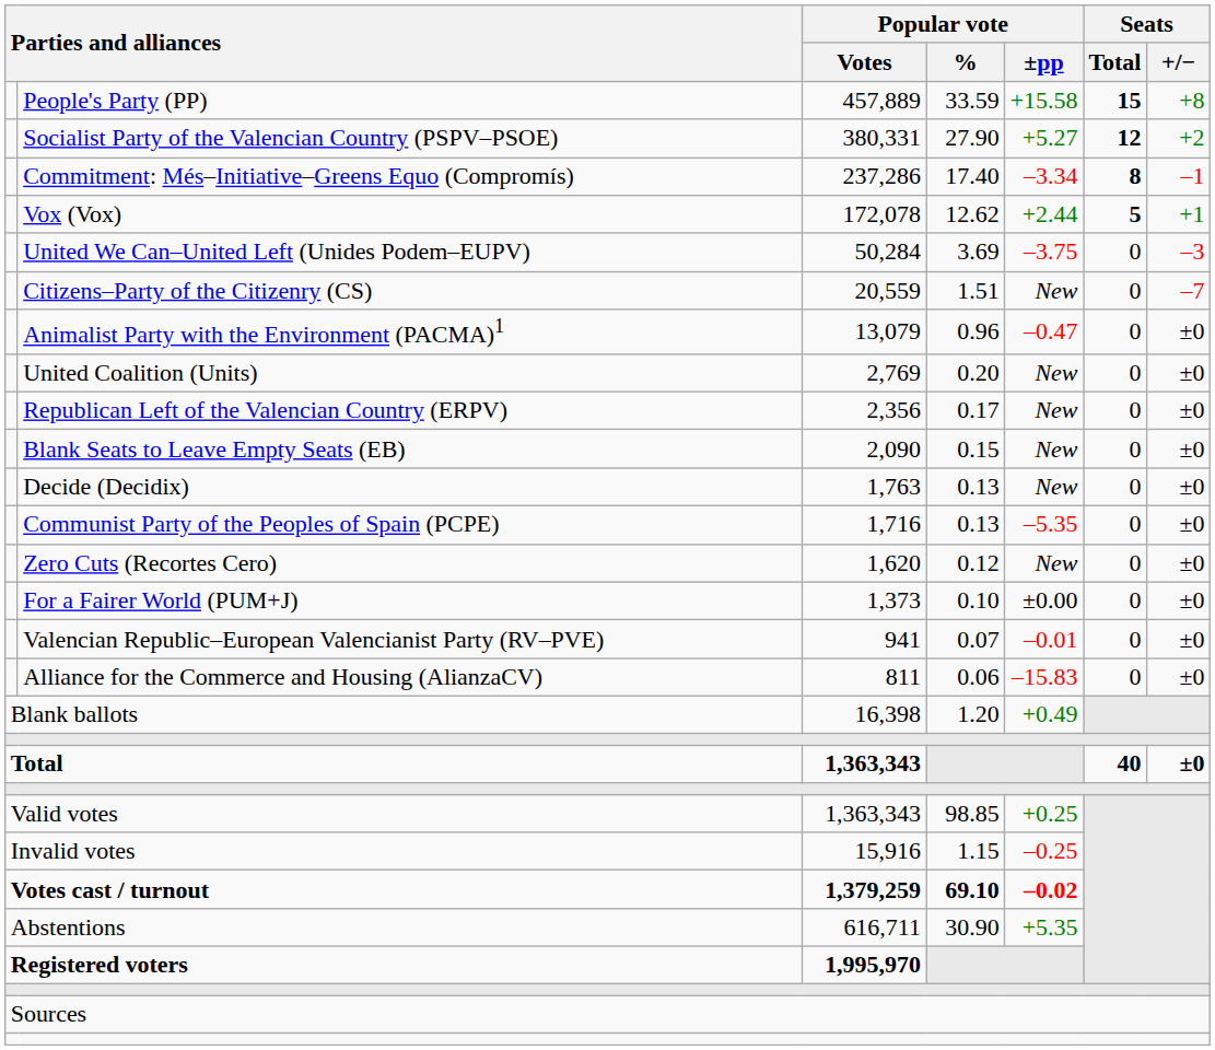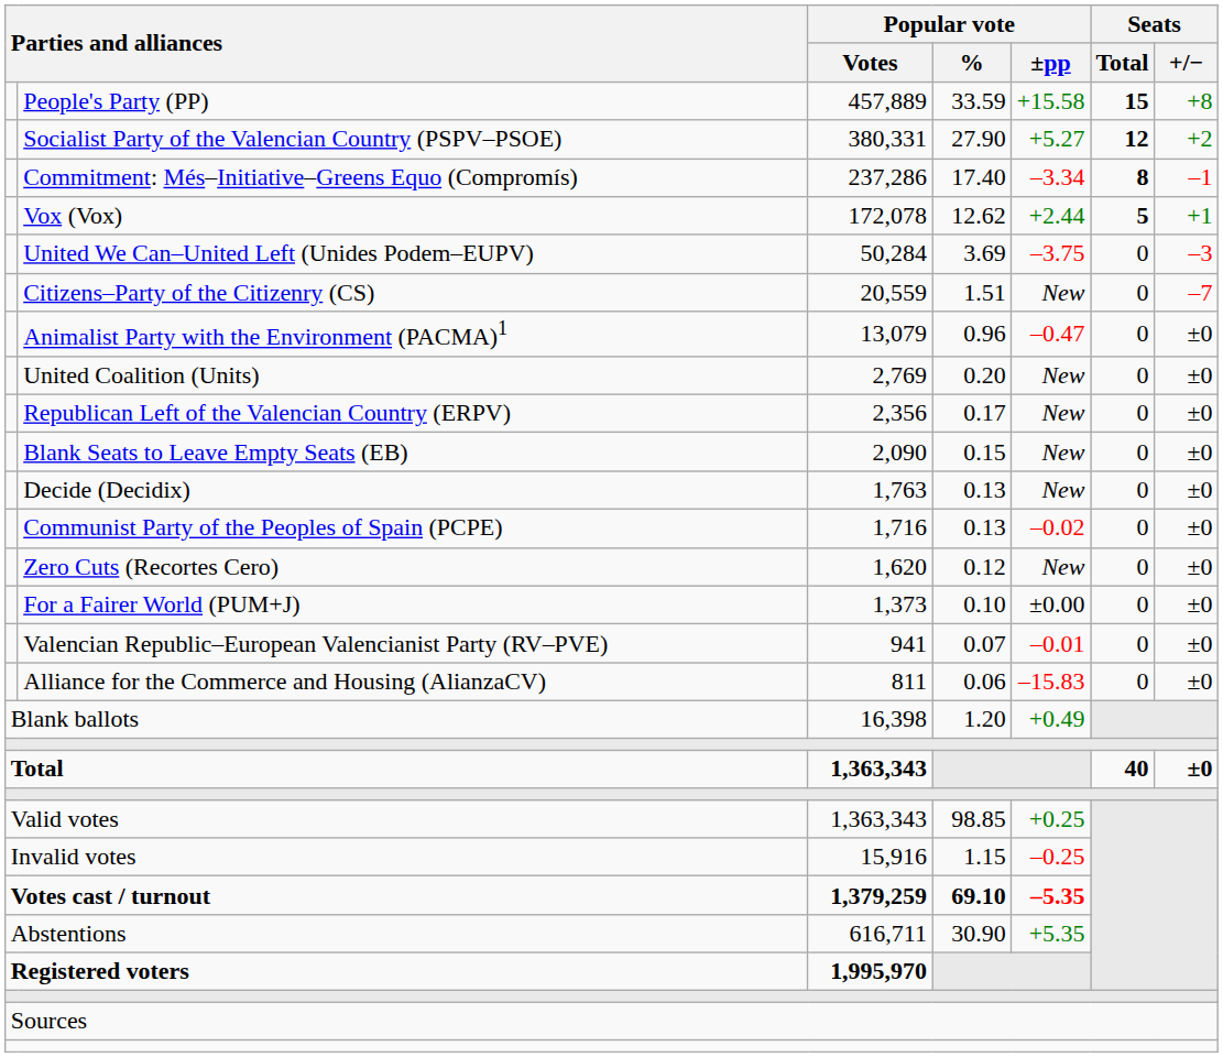 <table class="wikitable" style="text-align:right;">
 <tr>
 <th style="text-align:left;" rowspan="2" colspan="2" width="525">Parties and alliances</th>
 <th colspan="3">Popular vote</th>
 <th colspan="2">Seats</th>
 </tr>
 <tr>
 <th width="75">Votes</th>
 <th width="45">%</th>
 <th width="45">±<a href='#'>pp</a></th>
 <th width="35">Total</th>
 <th width="35">+/−</th>
 </tr>
 <tr>
 <td width="1" style="color:inherit;background:"></td>
 <td align="left"><a href='#'>People's Party</a> (PP)</td>
 <td>457,889</td>
 <td>33.59</td>
 <td style="color:green;">+15.58</td>
 <td><strong>15</strong></td>
 <td style="color:green;">+8</td>
 </tr>
 <tr>
 <td style="color:inherit;background:"></td>
 <td align="left"><a href='#'>Socialist Party of the Valencian Country</a> (PSPV–PSOE)</td>
 <td>380,331</td>
 <td>27.90</td>
 <td style="color:green;">+5.27</td>
 <td><strong>12</strong></td>
 <td style="color:green;">+2</td>
 </tr>
 <tr>
 <td style="color:inherit;background:"></td>
 <td align="left"><a href='#'>Commitment</a>: <a href='#'>Més</a>–<a href='#'>Initiative</a>–<a href='#'>Greens Equo</a> (Compromís)</td>
 <td>237,286</td>
 <td>17.40</td>
 <td style="color:red;">–3.34</td>
 <td><strong>8</strong></td>
 <td style="color:red;">–1</td>
 </tr>
 <tr>
 <td style="color:inherit;background:"></td>
 <td align="left"><a href='#'>Vox</a> (Vox)</td>
 <td>172,078</td>
 <td>12.62</td>
 <td style="color:green;">+2.44</td>
 <td><strong>5</strong></td>
 <td style="color:green;">+1</td>
 </tr>
 <tr>
 <td style="color:inherit;background:"></td>
 <td align="left"><a href='#'>United We Can–United Left</a> (Unides Podem–EUPV)</td>
 <td>50,284</td>
 <td>3.69</td>
 <td style="color:red;">–3.75</td>
 <td>0</td>
 <td style="color:red;">–3</td>
 </tr>
 <tr>
 <td style="color:inherit;background:"></td>
 <td align="left"><a href='#'>Citizens–Party of the Citizenry</a> (CS)</td>
 <td>20,559</td>
 <td>1.51</td>
 <td><em>New</em></td>
 <td>0</td>
 <td style="color:red;">–7</td>
 </tr>
 <tr>
 <td style="color:inherit;background:"></td>
 <td align="left"><a href='#'>Animalist Party with the Environment</a> (PACMA)<sup>1</sup></td>
 <td>13,079</td>
 <td>0.96</td>
 <td style="color:red;">–0.47</td>
 <td>0</td>
 <td>±0</td>
 </tr>
 <tr>
 <td style="color:inherit;background:"></td>
 <td align="left">United Coalition (Units)</td>
 <td>2,769</td>
 <td>0.20</td>
 <td><em>New</em></td>
 <td>0</td>
 <td>±0</td>
 </tr>
 <tr>
 <td style="color:inherit;background:"></td>
 <td align="left"><a href='#'>Republican Left of the Valencian Country</a> (ERPV)</td>
 <td>2,356</td>
 <td>0.17</td>
 <td><em>New</em></td>
 <td>0</td>
 <td>±0</td>
 </tr>
 <tr>
 <td style="color:inherit;background:"></td>
 <td align="left"><a href='#'>Blank Seats to Leave Empty Seats</a> (EB)</td>
 <td>2,090</td>
 <td>0.15</td>
 <td><em>New</em></td>
 <td>0</td>
 <td>±0</td>
 </tr>
 <tr>
 <td style="color:inherit;background:"></td>
 <td align="left">Decide (Decidix)</td>
 <td>1,763</td>
 <td>0.13</td>
 <td><em>New</em></td>
 <td>0</td>
 <td>±0</td>
 </tr>
 <tr>
 <td style="color:inherit;background:"></td>
 <td align="left"><a href='#'>Communist Party of the Peoples of Spain</a> (PCPE)</td>
 <td>1,716</td>
 <td>0.13</td>
-<td style="color:red;">–5.35</td>
+<td style="color:red;">–0.02</td>
 <td>0</td>
 <td>±0</td>
 </tr>
 <tr>
 <td style="color:inherit;background:"></td>
 <td align="left"><a href='#'>Zero Cuts</a> (Recortes Cero)</td>
 <td>1,620</td>
 <td>0.12</td>
 <td><em>New</em></td>
 <td>0</td>
 <td>±0</td>
 </tr>
 <tr>
 <td style="color:inherit;background:"></td>
 <td align="left"><a href='#'>For a Fairer World</a> (PUM+J)</td>
 <td>1,373</td>
 <td>0.10</td>
 <td>±0.00</td>
 <td>0</td>
 <td>±0</td>
 </tr>
 <tr>
 <td style="color:inherit;background:"></td>
 <td align="left">Valencian Republic–European Valencianist Party (RV–PVE)</td>
 <td>941</td>
 <td>0.07</td>
 <td style="color:red;">–0.01</td>
 <td>0</td>
 <td>±0</td>
 </tr>
 <tr>
 <td style="color:inherit;background:"></td>
 <td align="left">Alliance for the Commerce and Housing (AlianzaCV)</td>
 <td>811</td>
 <td>0.06</td>
 <td style="color:red;">–15.83</td>
 <td>0</td>
 <td>±0</td>
 </tr>
 <tr>
 <td align="left" colspan="2">Blank ballots</td>
 <td>16,398</td>
 <td>1.20</td>
 <td style="color:green;">+0.49</td>
 <td bgcolor="#E9E9E9" colspan="2"></td>
 </tr>
 <tr>
 <td colspan="7" bgcolor="#E9E9E9"></td>
 </tr>
 <tr style="font-weight:bold;">
 <td align="left" colspan="2">Total</td>
 <td>1,363,343</td>
 <td bgcolor="#E9E9E9" colspan="2"></td>
 <td>40</td>
 <td>±0</td>
 </tr>
 <tr>
 <td colspan="7" bgcolor="#E9E9E9"></td>
 </tr>
 <tr>
 <td align="left" colspan="2">Valid votes</td>
 <td>1,363,343</td>
 <td>98.85</td>
 <td style="color:green;">+0.25</td>
 <td bgcolor="#E9E9E9" colspan="2" rowspan="5"></td>
 </tr>
 <tr>
 <td align="left" colspan="2">Invalid votes</td>
 <td>15,916</td>
 <td>1.15</td>
 <td style="color:red;">–0.25</td>
 </tr>
 <tr style="font-weight:bold;">
 <td align="left" colspan="2">Votes cast / turnout</td>
 <td>1,379,259</td>
 <td>69.10</td>
-<td style="color:red;">–0.02</td>
+<td style="color:red;">–5.35</td>
 </tr>
 <tr>
 <td align="left" colspan="2">Abstentions</td>
 <td>616,711</td>
 <td>30.90</td>
 <td style="color:green;">+5.35</td>
 </tr>
 <tr style="font-weight:bold;">
 <td align="left" colspan="2">Registered voters</td>
 <td>1,995,970</td>
 <td bgcolor="#E9E9E9" colspan="2"></td>
 </tr>
 <tr>
 <td colspan="7" bgcolor="#E9E9E9"></td>
 </tr>
 <tr>
 <td align="left" colspan="7">Sources</td>
 </tr>
 <tr>
 <td colspan="7" style="text-align:left; max-width:790px;"></td>
 </tr>
 </table>
